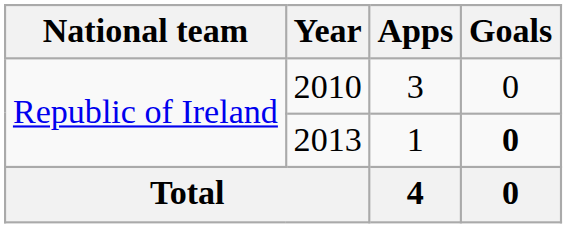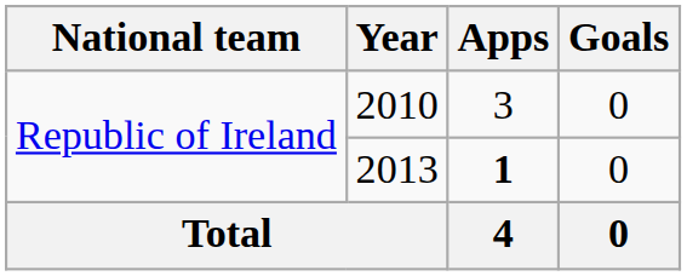 <table class="wikitable" style="text-align: center">
 <tr>
 <th>National team</th>
 <th>Year</th>
 <th>Apps</th>
 <th>Goals</th>
 </tr>
 <tr>
 <td rowspan="2"><a href='#'>Republic of Ireland</a></td>
 <td>2010</td>
 <td>3</td>
 <td>0</td>
 </tr>
 <tr>
 <td>2013</td>
-<td>1</td>
-<td><strong>0</strong></td>
+<td><strong>1</strong></td>
+<td>0</td>
 </tr>
 <tr>
 <th colspan="2">Total</th>
 <th>4</th>
 <th>0</th>
 </tr>
 </table>
